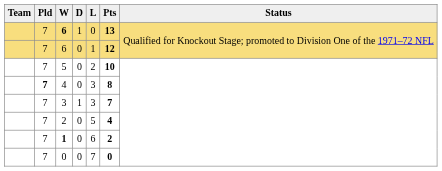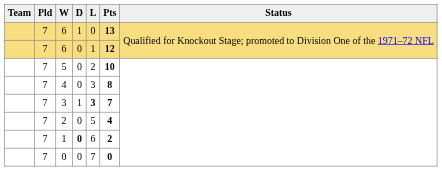 <table style=border-collapse:collapse border=1 cellspacing=0 cellpadding=5>
 <tr align=center bgcolor=#efefef>
 <th>Team</th>
 <th>Pld</th>
 <th>W</th>
 <th>D</th>
 <th>L</th>
 <th>Pts</th>
 <th>Status</th>
 </tr>
 <tr align=center style="background:#F8DE7E;">
 <td style="text-align:left;"> </td>
 <td>7</td>
-<td><strong>6</strong></td>
+<td>6</td>
 <td>1</td>
 <td>0</td>
 <td><strong>13</strong></td>
 <td rowspan=2>Qualified for Knockout Stage; promoted to Division One of the <a href='#'>1971–72 NFL</a></td>
 </tr>
 <tr align=center style="background:#F8DE7E;">
 <td style="text-align:left;"> </td>
 <td>7</td>
 <td>6</td>
 <td>0</td>
 <td>1</td>
 <td><strong>12</strong></td>
 </tr>
 <tr align=center style="background:#FFFFFF;">
 <td style="text-align:left;"> </td>
 <td>7</td>
 <td>5</td>
 <td>0</td>
 <td>2</td>
 <td><strong>10</strong></td>
 <td rowspan=6></td>
 </tr>
 <tr align=center style="background:#FFFFFF;">
 <td style="text-align:left;"> </td>
-<td><strong>7</strong></td>
+<td>7</td>
 <td>4</td>
 <td>0</td>
 <td>3</td>
 <td><strong>8</strong></td>
 </tr>
 <tr align=center style="background:#FFFFFF;">
 <td style="text-align:left;"> </td>
 <td>7</td>
 <td>3</td>
 <td>1</td>
-<td>3</td>
+<td><strong>3</strong></td>
 <td><strong>7</strong></td>
 </tr>
 <tr align=center style="background:#FFFFFF;">
 <td style="text-align:left;"> </td>
 <td>7</td>
 <td>2</td>
 <td>0</td>
 <td>5</td>
 <td><strong>4</strong></td>
 </tr>
 <tr align=center style="background:#FFFFFF;">
 <td style="text-align:left;"> </td>
 <td>7</td>
-<td><strong>1</strong></td>
-<td>0</td>
+<td>1</td>
+<td><strong>0</strong></td>
 <td>6</td>
 <td><strong>2</strong></td>
 </tr>
 <tr align=center style="background:#FFFFFF;">
 <td style="text-align:left;"> </td>
 <td>7</td>
 <td>0</td>
 <td>0</td>
 <td>7</td>
 <td><strong>0</strong></td>
 </tr>
 </table>
